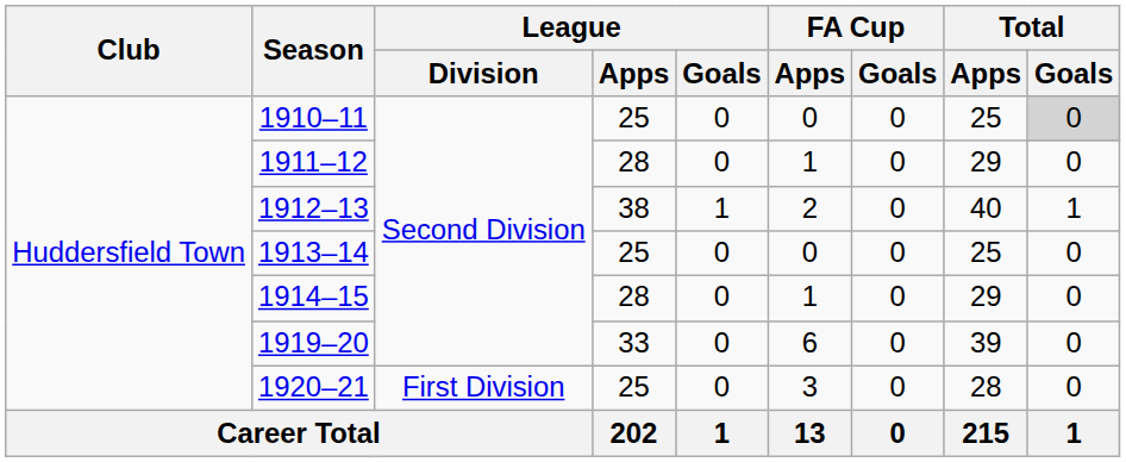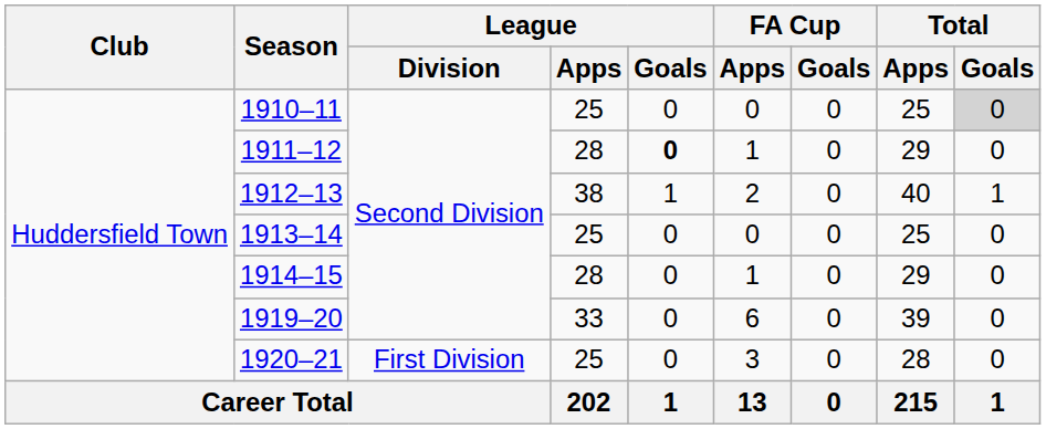 <table class="wikitable" style="text-align: center;">
 <tr>
 <th rowspan="2">Club</th>
 <th rowspan="2">Season</th>
 <th colspan="3">League</th>
 <th colspan="2">FA Cup</th>
 <th colspan="2">Total</th>
 </tr>
 <tr>
 <th>Division</th>
 <th>Apps</th>
 <th>Goals</th>
 <th>Apps</th>
 <th>Goals</th>
 <th>Apps</th>
 <th>Goals</th>
 </tr>
 <tr>
 <td rowspan="7"><a href='#'>Huddersfield Town</a></td>
 <td><a href='#'>1910–11</a></td>
 <td rowspan="6"><a href='#'>Second Division</a></td>
 <td>25</td>
 <td>0</td>
 <td>0</td>
 <td>0</td>
 <td>25</td>
 <td style="background: lightgrey;">0</td>
 </tr>
 <tr>
 <td><a href='#'>1911–12</a></td>
 <td>28</td>
-<td>0</td>
+<td><strong>0</strong></td>
 <td>1</td>
 <td>0</td>
 <td>29</td>
 <td>0</td>
 </tr>
 <tr>
 <td><a href='#'>1912–13</a></td>
 <td>38</td>
 <td>1</td>
 <td>2</td>
 <td>0</td>
 <td>40</td>
 <td>1</td>
 </tr>
 <tr>
 <td><a href='#'>1913–14</a></td>
 <td>25</td>
 <td>0</td>
 <td>0</td>
 <td>0</td>
 <td>25</td>
 <td>0</td>
 </tr>
 <tr>
 <td><a href='#'>1914–15</a></td>
 <td>28</td>
 <td>0</td>
 <td>1</td>
 <td>0</td>
 <td>29</td>
 <td>0</td>
 </tr>
 <tr>
 <td><a href='#'>1919–20</a></td>
 <td>33</td>
 <td>0</td>
 <td>6</td>
 <td>0</td>
 <td>39</td>
 <td>0</td>
 </tr>
 <tr>
 <td><a href='#'>1920–21</a></td>
 <td><a href='#'>First Division</a></td>
 <td>25</td>
 <td>0</td>
 <td>3</td>
 <td>0</td>
 <td>28</td>
 <td>0</td>
 </tr>
 <tr>
 <th colspan="3">Career Total</th>
 <th>202</th>
 <th>1</th>
 <th>13</th>
 <th>0</th>
 <th>215</th>
 <th>1</th>
 </tr>
 </table>
